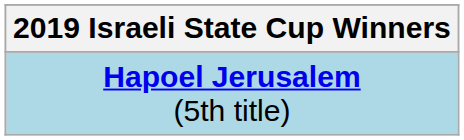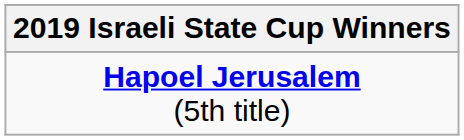 <table class=wikitable style="text-align:center; margin:auto">
 <tr>
 <th>2019 Israeli State Cup Winners</th>
 </tr>
 <tr>
-<td style="background: lightblue;"><strong><a href='#'>Hapoel Jerusalem</a></strong><br>(5th title)</td>
+<td><strong><a href='#'>Hapoel Jerusalem</a></strong><br>(5th title)</td>
 </tr>
 </table>
